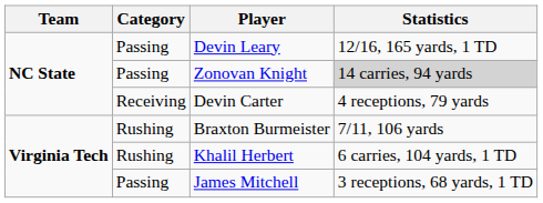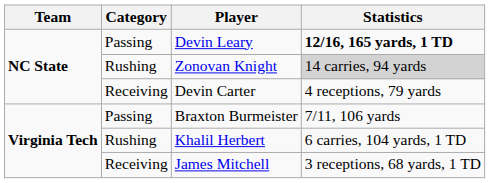 <table class="wikitable" style="float: left;">
 <tr>
 <th>Team</th>
 <th>Category</th>
 <th>Player</th>
 <th>Statistics</th>
 </tr>
 <tr>
 <td rowspan=3><strong>NC State</strong></td>
 <td>Passing</td>
 <td><a href='#'>Devin Leary</a></td>
-<td>12/16, 165 yards, 1 TD</td>
+<td><strong>12/16, 165 yards, 1 TD</strong></td>
 </tr>
 <tr>
-<td>Passing</td>
+<td>Rushing</td>
 <td><a href='#'>Zonovan Knight</a></td>
 <td style="background: lightgrey;">14 carries, 94 yards</td>
 </tr>
 <tr>
 <td>Receiving</td>
 <td>Devin Carter</td>
 <td>4 receptions, 79 yards</td>
 </tr>
 <tr>
 <td rowspan=3><strong>Virginia Tech</strong></td>
-<td>Rushing</td>
+<td>Passing</td>
 <td>Braxton Burmeister</td>
 <td>7/11, 106 yards</td>
 </tr>
 <tr>
 <td>Rushing</td>
 <td><a href='#'>Khalil Herbert</a></td>
 <td>6 carries, 104 yards, 1 TD</td>
 </tr>
 <tr>
-<td>Passing</td>
+<td>Receiving</td>
 <td><a href='#'>James Mitchell</a></td>
 <td>3 receptions, 68 yards, 1 TD</td>
 </tr>
 </table>
